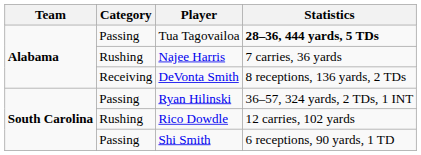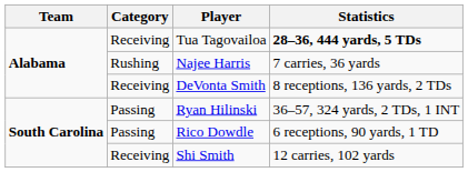 <table class="wikitable" style="float: right;">
 <tr>
 <th>Team</th>
 <th>Category</th>
 <th>Player</th>
 <th>Statistics</th>
 </tr>
 <tr>
 <td rowspan=3><strong>Alabama</strong></td>
-<td>Passing</td>
+<td>Receiving</td>
 <td>Tua Tagovailoa</td>
 <td><strong>28–36, 444 yards, 5 TDs</strong></td>
 </tr>
 <tr>
 <td>Rushing</td>
 <td><a href='#'>Najee Harris</a></td>
 <td>7 carries, 36 yards</td>
 </tr>
 <tr>
 <td>Receiving</td>
 <td><a href='#'>DeVonta Smith</a></td>
 <td>8 receptions, 136 yards, 2 TDs</td>
 </tr>
 <tr>
 <td rowspan=3><strong>South Carolina</strong></td>
 <td>Passing</td>
 <td><a href='#'>Ryan Hilinski</a></td>
 <td>36–57, 324 yards, 2 TDs, 1 INT</td>
 </tr>
 <tr>
-<td>Rushing</td>
+<td>Passing</td>
 <td><a href='#'>Rico Dowdle</a></td>
+<td>6 receptions, 90 yards, 1 TD</td>
+</tr>
+<tr>
+<td>Receiving</td>
+<td><a href='#'>Shi Smith</a></td>
 <td>12 carries, 102 yards</td>
 </tr>
-<tr>
-<td>Passing</td>
-<td><a href='#'>Shi Smith</a></td>
-<td>6 receptions, 90 yards, 1 TD</td>
-</tr>
 </table>
